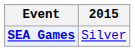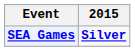 <table class="wikitable" style="font-size: 90%; text-align:center">
 <tr>
 <th>Event</th>
 <th>2015</th>
 </tr>
 <tr>
 <td bgcolor="#ECF2FF"; align="left"><strong><a href='#'>SEA Games</a></strong></td>
-<td> <a href='#'>Silver</a></td>
+<td><strong> <a href='#'>Silver</a></strong></td>
 </tr>
 </table>
